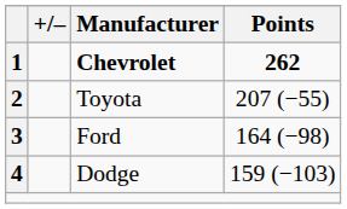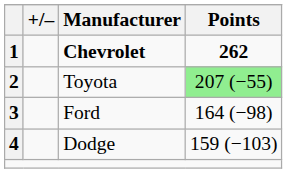 <table class="wikitable">
 <tr>
 </tr>
 <tr>
 <th scope="col"></th>
 <th scope="col">+/–</th>
 <th scope="col">Manufacturer</th>
 <th scope="col">Points</th>
 </tr>
 <tr>
 <th scope="row">1</th>
 <td align="left"></td>
 <td><strong>Chevrolet</strong></td>
 <td style="text-align:center;"><strong>262</strong></td>
 </tr>
 <tr>
 <th scope="row">2</th>
 <td align="left"></td>
 <td>Toyota</td>
-<td style="text-align:center;">207 (−55)</td>
+<td style="background: lightgreen; text-align:center;">207 (−55)</td>
 </tr>
 <tr>
 <th scope="row">3</th>
 <td align="left"></td>
 <td>Ford</td>
 <td style="text-align:center;">164 (−98)</td>
 </tr>
 <tr>
 <th scope="row">4</th>
 <td align="left"></td>
 <td>Dodge</td>
 <td style="text-align:center;">159 (−103)</td>
 </tr>
 <tr class="sortbottom">
 <td colspan="9"></td>
 </tr>
 </table>
